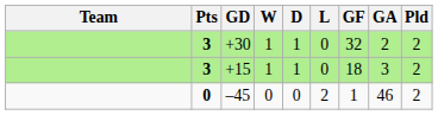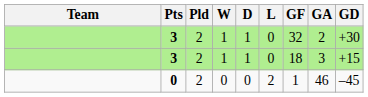 <table class="wikitable" style="text-align:center;">
 <tr>
 <th width=175>Team</th>
 <th width=20  abbr="Points">Pts</th>
-<th width=20  abbr="Goal difference">GD</th>
+<th width=20  abbr="Played">Pld</th>
 <th width=20  abbr="Won">W</th>
 <th width=20  abbr="Drawn">D</th>
 <th width=20  abbr="Lost">L</th>
 <th width=20  abbr="Goals for">GF</th>
 <th width=20  abbr="Goals against">GA</th>
-<th width=20  abbr="Played">Pld</th>
+<th width=20  abbr="Goal difference">GD</th>
 </tr>
 <tr style="background: #B0EE90;">
 <td align=left></td>
 <td><strong>3</strong></td>
-<td>+30</td>
+<td>2</td>
 <td>1</td>
 <td>1</td>
 <td>0</td>
 <td>32</td>
 <td>2</td>
-<td>2</td>
+<td>+30</td>
 </tr>
 <tr style="background: #B0EE90;">
 <td align=left></td>
 <td><strong>3</strong></td>
-<td>+15</td>
+<td>2</td>
 <td>1</td>
 <td>1</td>
 <td>0</td>
 <td>18</td>
 <td>3</td>
-<td>2</td>
+<td>+15</td>
 </tr>
 <tr>
 <td align=left></td>
 <td><strong>0</strong></td>
-<td>–45</td>
+<td>2</td>
 <td>0</td>
 <td>0</td>
 <td>2</td>
 <td>1</td>
 <td>46</td>
-<td>2</td>
+<td>–45</td>
 </tr>
 </table>
